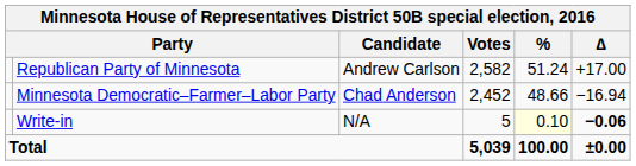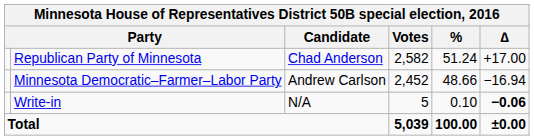 <table class="wikitable">
 <tr>
 <th colspan="6">Minnesota House of Representatives District 50B special election, 2016</th>
 </tr>
 <tr>
 <th colspan="2">Party</th>
 <th>Candidate</th>
 <th>Votes</th>
 <th>%</th>
 <th>∆</th>
 </tr>
 <tr>
 <td style="background-color:"></td>
 <td><a href='#'>Republican Party of Minnesota</a></td>
-<td>Andrew Carlson</td>
+<td><a href='#'>Chad Anderson</a></td>
 <td align="right">2,582</td>
 <td align="right">51.24</td>
 <td align="right">+17.00</td>
 </tr>
 <tr>
 <td style="background-color:"></td>
 <td><a href='#'>Minnesota Democratic–Farmer–Labor Party</a></td>
-<td><a href='#'>Chad Anderson</a></td>
+<td>Andrew Carlson</td>
 <td align="right">2,452</td>
 <td align="right">48.66</td>
 <td align="right">−16.94</td>
 </tr>
 <tr>
 <td style="background-color:"></td>
 <td><a href='#'>Write-in</a></td>
 <td>N/A</td>
 <td align="right">5</td>
-<td align="right" style="background: lightyellow;">0.10</td>
+<td align="right">0.10</td>
 <td align="right"><strong>−0.06</strong></td>
 </tr>
 <tr>
 <td colspan="3"><strong>Total</strong></td>
 <td align="right"><strong>5,039</strong></td>
 <td align="right"><strong>100.00</strong></td>
 <td align="right"><strong>±0.00</strong></td>
 </tr>
 </table>
